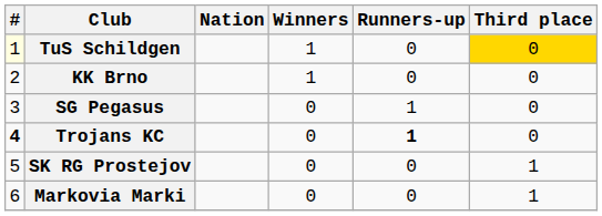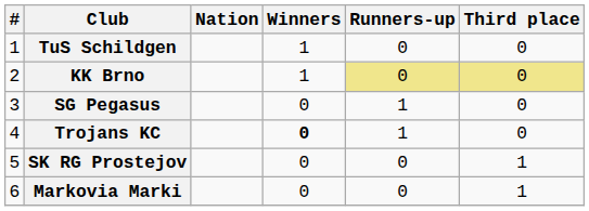 <table class="wikitable plainrowheaders sortable">
 <tr>
 <th scope="col">#</th>
 <th scope="col">Club</th>
 <th scope="col">Nation</th>
 <th scope="col">Winners</th>
 <th scope="col">Runners-up</th>
 <th scope="col">Third place</th>
 </tr>
 <tr>
-<td style="background: lightyellow;">1</td>
+<td>1</td>
 <th scope="row">TuS Schildgen</th>
 <td scope="row"></td>
 <td align=center>1</td>
 <td align=center>0</td>
-<td align=center style="background: gold;">0</td>
+<td align=center>0</td>
 </tr>
 <tr>
 <td>2</td>
 <th scope="row">KK Brno</th>
 <td scope="row"></td>
 <td align=center>1</td>
-<td align=center>0</td>
-<td align=center>0</td>
+<td align=center style="background: khaki;">0</td>
+<td align=center style="background: khaki;">0</td>
 </tr>
 <tr>
 <td>3</td>
 <th scope="row">SG Pegasus</th>
 <td scope="row"></td>
 <td align=center>0</td>
 <td align=center>1</td>
 <td align=center>0</td>
 </tr>
 <tr>
-<td><strong>4</strong></td>
+<td>4</td>
 <th scope="row">Trojans KC</th>
 <td scope="row"></td>
-<td align=center>0</td>
-<td align=center><strong>1</strong></td>
+<td align=center><strong>0</strong></td>
+<td align=center>1</td>
 <td align=center>0</td>
 </tr>
 <tr>
 <td>5</td>
 <th scope="row">SK RG Prostejov</th>
 <td scope="row"></td>
 <td align=center>0</td>
 <td align=center>0</td>
 <td align=center>1</td>
 </tr>
 <tr>
 <td>6</td>
 <th scope="row">Markovia Marki</th>
 <td scope="row"></td>
 <td align=center>0</td>
 <td align=center>0</td>
 <td align=center>1</td>
 </tr>
 <tr>
 </tr>
 </table>
